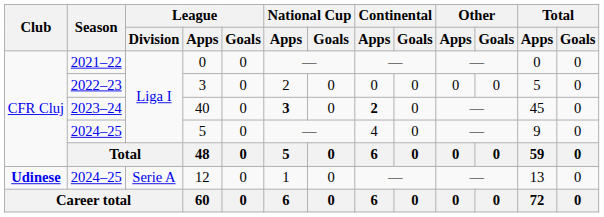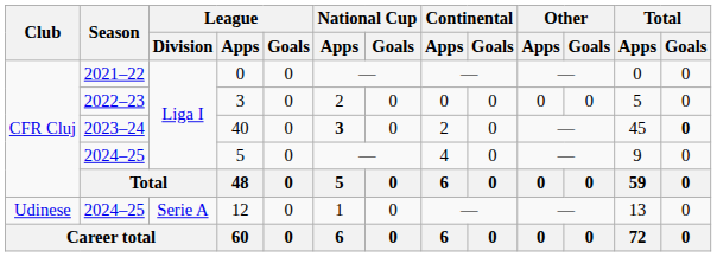 <table class=wikitable style=text-align:center>
 <tr>
 <th rowspan=2>Club</th>
 <th rowspan=2>Season</th>
 <th colspan=3>League</th>
 <th colspan=2>National Cup</th>
 <th colspan=2>Continental</th>
 <th colspan=2>Other</th>
 <th colspan=2>Total</th>
 </tr>
 <tr>
 <th>Division</th>
 <th>Apps</th>
 <th>Goals</th>
 <th>Apps</th>
 <th>Goals</th>
 <th>Apps</th>
 <th>Goals</th>
 <th>Apps</th>
 <th>Goals</th>
 <th>Apps</th>
 <th>Goals</th>
 </tr>
 <tr>
 <td rowspan="5"><a href='#'>CFR Cluj</a></td>
 <td><a href='#'>2021–22</a></td>
 <td rowspan="4"><a href='#'>Liga I</a></td>
 <td>0</td>
 <td>0</td>
 <td colspan="2">—</td>
 <td colspan="2">—</td>
 <td colspan="2">—</td>
 <td>0</td>
 <td>0</td>
 </tr>
 <tr>
 <td><a href='#'>2022–23</a></td>
 <td>3</td>
 <td>0</td>
 <td>2</td>
 <td>0</td>
 <td>0</td>
 <td>0</td>
 <td>0</td>
 <td>0</td>
 <td>5</td>
 <td>0</td>
 </tr>
 <tr>
 <td><a href='#'>2023–24</a></td>
 <td>40</td>
 <td>0</td>
 <td><strong>3</strong></td>
 <td>0</td>
-<td><strong>2</strong></td>
+<td>2</td>
 <td>0</td>
 <td colspan="2">—</td>
 <td>45</td>
-<td>0</td>
+<td><strong>0</strong></td>
 </tr>
 <tr>
 <td><a href='#'>2024–25</a></td>
 <td>5</td>
 <td>0</td>
 <td colspan="2">—</td>
 <td>4</td>
 <td>0</td>
 <td colspan="2">—</td>
 <td>9</td>
 <td>0</td>
 </tr>
 <tr>
 <th colspan="2">Total</th>
 <th>48</th>
 <th>0</th>
 <th>5</th>
 <th>0</th>
 <th>6</th>
 <th>0</th>
 <th>0</th>
 <th>0</th>
 <th>59</th>
 <th>0</th>
 </tr>
 <tr>
-<td><strong><a href='#'>Udinese</a></strong></td>
+<td><a href='#'>Udinese</a></td>
 <td><a href='#'>2024–25</a></td>
 <td><a href='#'>Serie A</a></td>
 <td>12</td>
 <td>0</td>
 <td>1</td>
 <td>0</td>
 <td colspan="2">—</td>
 <td colspan="2">—</td>
 <td>13</td>
 <td>0</td>
 </tr>
 <tr>
 <th colspan="3">Career total</th>
 <th>60</th>
 <th>0</th>
 <th>6</th>
 <th>0</th>
 <th>6</th>
 <th>0</th>
 <th>0</th>
 <th>0</th>
 <th>72</th>
 <th>0</th>
 </tr>
 </table>
